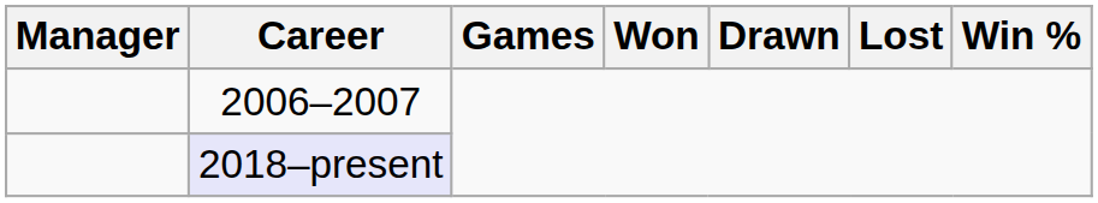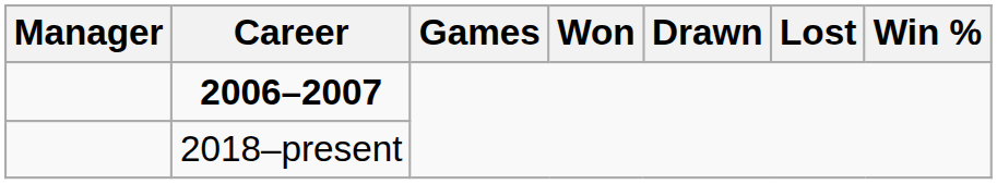 <table class="wikitable sortable" style="text-align:center;">
 <tr>
 <th>Manager</th>
 <th>Career</th>
 <th>Games</th>
 <th>Won</th>
 <th>Drawn</th>
 <th>Lost</th>
 <th>Win %</th>
 </tr>
 <tr>
 <td style="text-align: left;"> </td>
-<td>2006–2007<br></td>
+<td><strong>2006–2007<br></strong></td>
 </tr>
 <tr>
 <td style="text-align: left;"> <strong></strong></td>
-<td style="background: lavender;">2018–present<br></td>
+<td>2018–present<br></td>
 </tr>
 </table>
